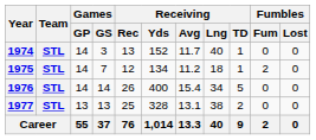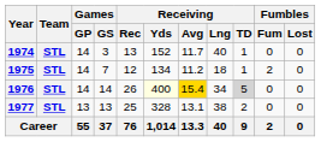 <table class="wikitable" style="text-align:center;">
 <tr>
 <th rowspan="2">Year</th>
 <th rowspan="2">Team</th>
 <th colspan="2">Games</th>
 <th colspan="5">Receiving</th>
 <th colspan="2">Fumbles</th>
 </tr>
 <tr>
 <th>GP</th>
 <th>GS</th>
 <th>Rec</th>
 <th>Yds</th>
 <th>Avg</th>
 <th>Lng</th>
 <th>TD</th>
 <th>Fum</th>
 <th>Lost</th>
 </tr>
 <tr>
 <th><a href='#'>1974</a></th>
 <th><a href='#'>STL</a></th>
 <td>14</td>
 <td>3</td>
 <td>13</td>
 <td>152</td>
 <td>11.7</td>
 <td>40</td>
 <td>1</td>
 <td>0</td>
 <td>0</td>
 </tr>
 <tr>
 <th><a href='#'>1975</a></th>
 <th><a href='#'>STL</a></th>
 <td>14</td>
 <td>7</td>
 <td>12</td>
 <td>134</td>
 <td>11.2</td>
 <td>18</td>
 <td>1</td>
 <td>2</td>
 <td>0</td>
 </tr>
 <tr>
 <th><a href='#'>1976</a></th>
 <th><a href='#'>STL</a></th>
 <td>14</td>
 <td>14</td>
 <td>26</td>
-<td>400</td>
-<td>15.4</td>
+<td style="background: lightyellow;">400</td>
+<td style="background: gold;">15.4</td>
 <td>34</td>
-<td>5</td>
+<td style="background: lightgrey;">5</td>
 <td>0</td>
 <td>0</td>
 </tr>
 <tr>
 <th><a href='#'>1977</a></th>
 <th><a href='#'>STL</a></th>
 <td>13</td>
 <td>13</td>
 <td>25</td>
 <td>328</td>
 <td>13.1</td>
 <td>38</td>
 <td>2</td>
 <td>0</td>
 <td>0</td>
 </tr>
 <tr>
 <th colspan="2">Career</th>
 <th>55</th>
 <th>37</th>
 <th>76</th>
 <th>1,014</th>
 <th>13.3</th>
 <th>40</th>
 <th>9</th>
 <th>2</th>
 <th>0</th>
 </tr>
 </table>
